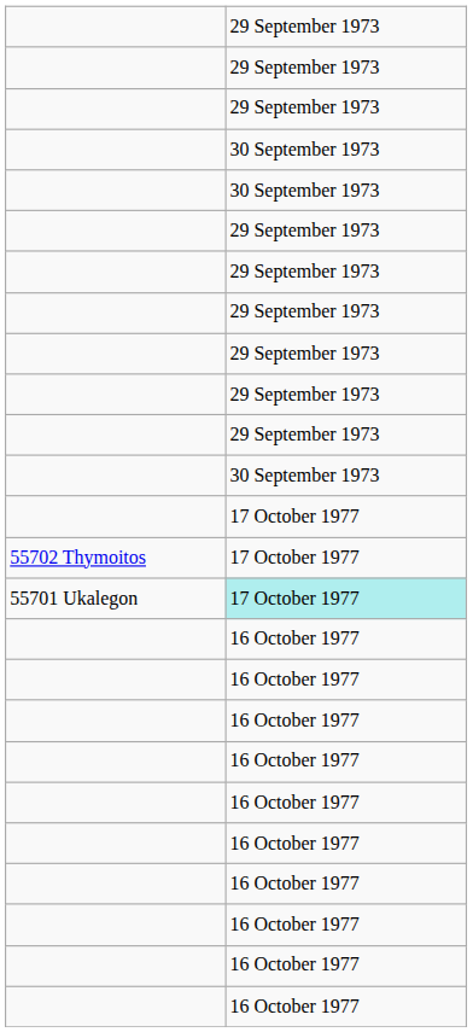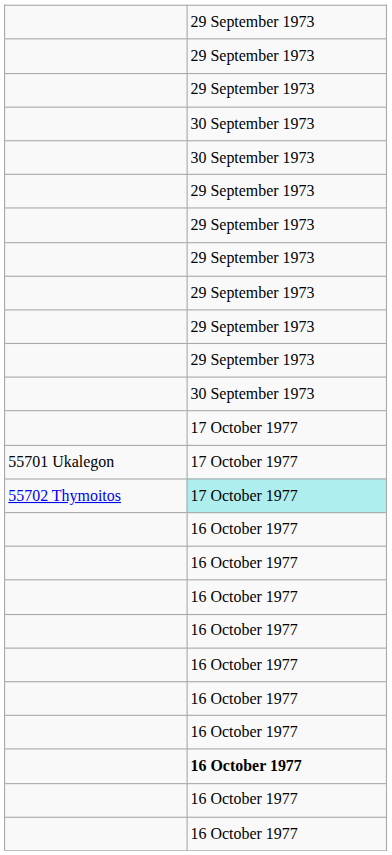 <table class="wikitable" style="font-size: 89%; float: left; width: 24em; margin-right: 1em; line-height: 1.65em">
 <tr>
 <td></td>
 <td>29 September 1973</td>
 </tr>
 <tr>
 <td></td>
 <td>29 September 1973</td>
 </tr>
 <tr>
 <td></td>
 <td>29 September 1973</td>
 </tr>
 <tr>
 <td></td>
 <td>30 September 1973</td>
 </tr>
 <tr>
 <td></td>
 <td>30 September 1973</td>
 </tr>
 <tr>
 <td></td>
 <td>29 September 1973</td>
 </tr>
 <tr>
 <td></td>
 <td>29 September 1973</td>
 </tr>
 <tr>
 <td></td>
 <td>29 September 1973</td>
 </tr>
 <tr>
 <td></td>
 <td>29 September 1973</td>
 </tr>
 <tr>
 <td></td>
 <td>29 September 1973</td>
 </tr>
 <tr>
 <td></td>
 <td>29 September 1973</td>
 </tr>
 <tr>
 <td></td>
 <td>30 September 1973</td>
 </tr>
 <tr>
 <td></td>
 <td>17 October 1977</td>
 </tr>
 <tr>
-<td><a href='#'>55702 Thymoitos</a></td>
+<td>55701 Ukalegon</td>
 <td>17 October 1977</td>
 </tr>
 <tr>
-<td>55701 Ukalegon</td>
+<td><a href='#'>55702 Thymoitos</a></td>
 <td style="background: paleturquoise;">17 October 1977</td>
 </tr>
 <tr>
 <td></td>
 <td>16 October 1977</td>
 </tr>
 <tr>
 <td></td>
 <td>16 October 1977</td>
 </tr>
 <tr>
 <td></td>
 <td>16 October 1977</td>
 </tr>
 <tr>
 <td></td>
 <td>16 October 1977</td>
 </tr>
 <tr>
 <td></td>
 <td>16 October 1977</td>
 </tr>
 <tr>
 <td></td>
 <td>16 October 1977</td>
 </tr>
 <tr>
 <td></td>
 <td>16 October 1977</td>
 </tr>
 <tr>
 <td></td>
-<td>16 October 1977</td>
+<td><strong>16 October 1977</strong></td>
 </tr>
 <tr>
 <td></td>
 <td>16 October 1977</td>
 </tr>
 <tr>
 <td></td>
 <td>16 October 1977</td>
 </tr>
 </table>
